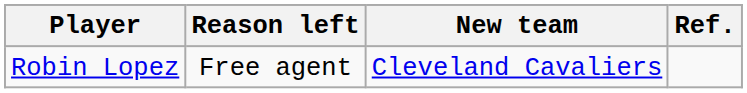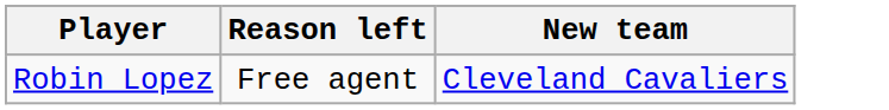 <table class="wikitable sortable sortable" style="text-align: center">
 <tr>
 <th>Player</th>
 <th>Reason left</th>
 <th>New team</th>
-<th>Ref.</th>
 </tr>
 <tr>
 <td><a href='#'>Robin Lopez</a></td>
 <td>Free agent</td>
 <td><a href='#'>Cleveland Cavaliers</a></td>
-<td></td>
 </tr>
 </table>
